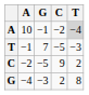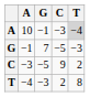 <table class="wikitable">
 <tr>
 <th scope="col"></th>
 <th scope="col">A</th>
 <th scope="col">G</th>
 <th scope="col">C</th>
 <th scope="col">T</th>
 </tr>
 <tr style="text-align: right;">
 <th scope="row">A</th>
 <td>10</td>
 <td>−1</td>
-<td>−2</td>
+<td>−3</td>
 <td style="background: lightgrey;">−4</td>
 </tr>
 <tr style="text-align: right;">
-<th scope="row">T</th>
+<th scope="row">G</th>
 <td>−1</td>
 <td>7</td>
 <td>−5</td>
 <td>−3</td>
 </tr>
 <tr style="text-align: right;">
 <th scope="row">C</th>
-<td>−2</td>
+<td>−3</td>
 <td>−5</td>
 <td>9</td>
 <td>2</td>
 </tr>
 <tr style="text-align: right;">
-<th scope="row">G</th>
+<th scope="row">T</th>
 <td>−4</td>
 <td>−3</td>
 <td>2</td>
 <td>8</td>
 </tr>
 </table>
